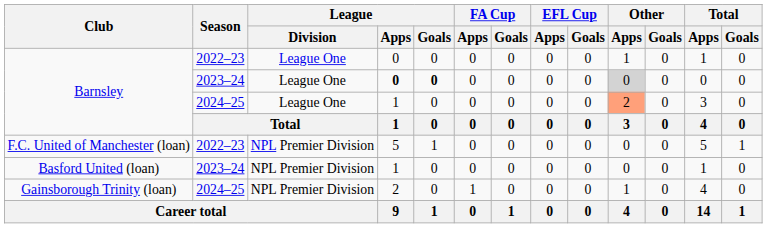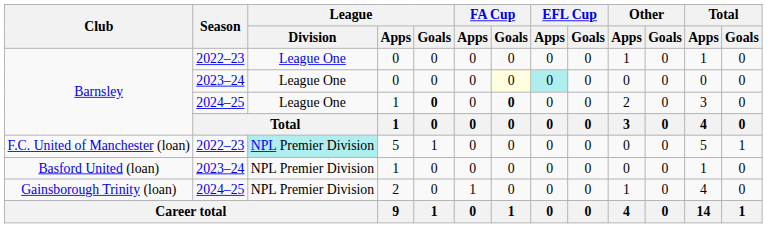 <table class="wikitable" style="text-align:center">
 <tr>
 <th rowspan="2">Club</th>
 <th rowspan="2">Season</th>
 <th colspan="3">League</th>
 <th colspan="2"><a href='#'>FA Cup</a></th>
 <th colspan="2"><a href='#'>EFL Cup</a></th>
 <th colspan="2">Other</th>
 <th colspan="2">Total</th>
 </tr>
 <tr>
 <th>Division</th>
 <th>Apps</th>
 <th>Goals</th>
 <th>Apps</th>
 <th>Goals</th>
 <th>Apps</th>
 <th>Goals</th>
 <th>Apps</th>
 <th>Goals</th>
 <th>Apps</th>
 <th>Goals</th>
 </tr>
 <tr>
 <td rowspan=4><a href='#'>Barnsley</a></td>
 <td><a href='#'>2022–23</a></td>
 <td><a href='#'>League One</a></td>
 <td>0</td>
 <td>0</td>
 <td>0</td>
 <td>0</td>
 <td>0</td>
 <td>0</td>
 <td>1</td>
 <td>0</td>
 <td>1</td>
 <td>0</td>
 </tr>
 <tr>
 <td><a href='#'>2023–24</a></td>
 <td>League One</td>
-<td><strong>0</strong></td>
-<td><strong>0</strong></td>
 <td>0</td>
 <td>0</td>
 <td>0</td>
+<td style="background: lightyellow;">0</td>
+<td style="background: paleturquoise;">0</td>
 <td>0</td>
-<td style="background: lightgrey;">0</td>
+<td>0</td>
 <td>0</td>
 <td>0</td>
 <td>0</td>
 </tr>
 <tr>
 <td><a href='#'>2024–25</a></td>
 <td>League One</td>
 <td>1</td>
+<td><strong>0</strong></td>
+<td>0</td>
+<td><strong>0</strong></td>
 <td>0</td>
 <td>0</td>
-<td>0</td>
-<td>0</td>
-<td>0</td>
-<td style="background: lightsalmon;">2</td>
+<td>2</td>
 <td>0</td>
 <td>3</td>
 <td>0</td>
 </tr>
 <tr>
 <th colspan=2>Total</th>
 <th>1</th>
 <th>0</th>
 <th>0</th>
 <th>0</th>
 <th>0</th>
 <th>0</th>
 <th>3</th>
 <th>0</th>
 <th>4</th>
 <th>0</th>
 </tr>
 <tr>
 <td><a href='#'>F.C. United of Manchester</a> (loan)</td>
 <td><a href='#'>2022–23</a></td>
-<td><a href='#'>NPL</a> Premier Division</td>
+<td style="background: paleturquoise;"><a href='#'>NPL</a> Premier Division</td>
 <td>5</td>
 <td>1</td>
 <td>0</td>
 <td>0</td>
 <td>0</td>
 <td>0</td>
 <td>0</td>
 <td>0</td>
 <td>5</td>
 <td>1</td>
 </tr>
 <tr>
 <td><a href='#'>Basford United</a> (loan)</td>
 <td><a href='#'>2023–24</a></td>
 <td>NPL Premier Division</td>
 <td>1</td>
 <td>0</td>
 <td>0</td>
 <td>0</td>
 <td>0</td>
 <td>0</td>
 <td>0</td>
 <td>0</td>
 <td>1</td>
 <td>0</td>
 </tr>
 <tr>
 <td><a href='#'>Gainsborough Trinity</a> (loan)</td>
 <td><a href='#'>2024–25</a></td>
 <td>NPL Premier Division</td>
 <td>2</td>
 <td>0</td>
 <td>1</td>
 <td>0</td>
 <td>0</td>
 <td>0</td>
 <td>1</td>
 <td>0</td>
 <td>4</td>
 <td>0</td>
 </tr>
 <tr>
 <th colspan="3">Career total</th>
 <th>9</th>
 <th>1</th>
 <th>0</th>
 <th>1</th>
 <th>0</th>
 <th>0</th>
 <th>4</th>
 <th>0</th>
 <th>14</th>
 <th>1</th>
 </tr>
 </table>
